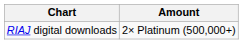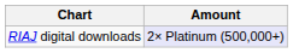 <table class="wikitable">
 <tr>
 <th>Chart</th>
 <th>Amount</th>
 </tr>
 <tr>
 <td><em><a href='#'>RIAJ</a></em> digital downloads</td>
-<td align="center">2× Platinum (500,000+)</td>
+<td align="center" style="background: lavender;">2× Platinum (500,000+)</td>
 </tr>
 </table>
